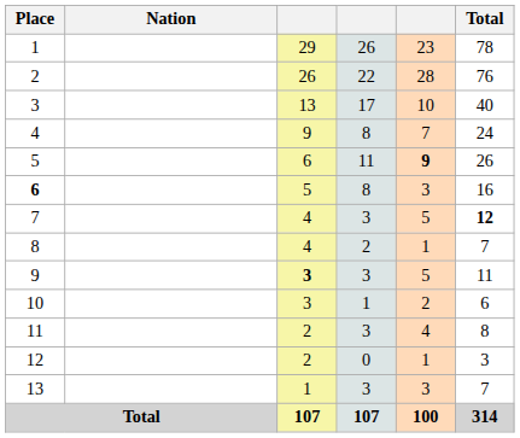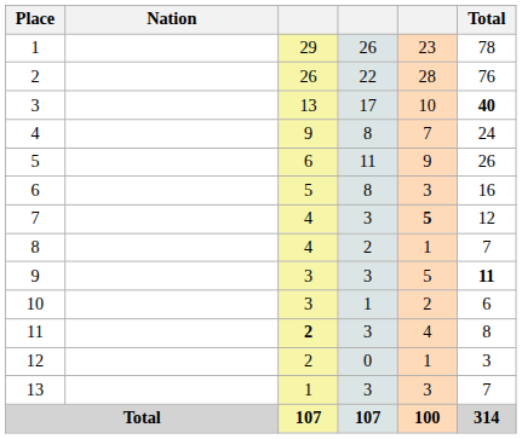 <table class=wikitable style="border:1px solid #AAAAAA;font-size:105%">
 <tr bgcolor="#EFEFEF">
 <th width=50>Place</th>
 <th width=200>Nation</th>
 <th width=50></th>
 <th width=50></th>
 <th width=50></th>
 <th width=50>Total</th>
 </tr>
 <tr align="center" valign="top" bgcolor="#FFFFFF">
 <td>1</td>
 <td align="left"></td>
 <td style="background:#F7F6A8;">29</td>
 <td style="background:#DCE5E5;">26</td>
 <td style="background:#FFDAB9;">23</td>
 <td>78</td>
 </tr>
 <tr align="center" valign="top" bgcolor="#FFFFFF">
 <td>2</td>
 <td align="left"></td>
 <td style="background:#F7F6A8;">26</td>
 <td style="background:#DCE5E5;">22</td>
 <td style="background:#FFDAB9;">28</td>
 <td>76</td>
 </tr>
 <tr align="center" valign="top" bgcolor="#FFFFFF">
 <td>3</td>
 <td align="left"></td>
 <td style="background:#F7F6A8;">13</td>
 <td style="background:#DCE5E5;">17</td>
 <td style="background:#FFDAB9;">10</td>
-<td>40</td>
+<td><strong>40</strong></td>
 </tr>
 <tr align="center" valign="top" bgcolor="#FFFFFF">
 <td>4</td>
 <td align="left"></td>
 <td style="background:#F7F6A8;">9</td>
 <td style="background:#DCE5E5;">8</td>
 <td style="background:#FFDAB9;">7</td>
 <td>24</td>
 </tr>
 <tr align="center" valign="top" bgcolor="#FFFFFF">
 <td>5</td>
 <td align="left"></td>
 <td style="background:#F7F6A8;">6</td>
 <td style="background:#DCE5E5;">11</td>
-<td style="background:#FFDAB9;"><strong>9</strong></td>
+<td style="background:#FFDAB9;">9</td>
 <td>26</td>
 </tr>
 <tr align="center" valign="top" bgcolor="#FFFFFF">
-<td><strong>6</strong></td>
+<td>6</td>
 <td align="left"></td>
 <td style="background:#F7F6A8;">5</td>
 <td style="background:#DCE5E5;">8</td>
 <td style="background:#FFDAB9;">3</td>
 <td>16</td>
 </tr>
 <tr align="center" valign="top" bgcolor="#FFFFFF">
 <td>7</td>
 <td align="left"></td>
 <td style="background:#F7F6A8;">4</td>
 <td style="background:#DCE5E5;">3</td>
-<td style="background:#FFDAB9;">5</td>
-<td><strong>12</strong></td>
+<td style="background:#FFDAB9;"><strong>5</strong></td>
+<td>12</td>
 </tr>
 <tr align="center" valign="top" bgcolor="#FFFFFF">
 <td>8</td>
 <td align="left"></td>
 <td style="background:#F7F6A8;">4</td>
 <td style="background:#DCE5E5;">2</td>
 <td style="background:#FFDAB9;">1</td>
 <td>7</td>
 </tr>
 <tr align="center" valign="top" bgcolor="#FFFFFF">
 <td>9</td>
 <td align="left"></td>
-<td style="background:#F7F6A8;"><strong>3</strong></td>
+<td style="background:#F7F6A8;">3</td>
 <td style="background:#DCE5E5;">3</td>
 <td style="background:#FFDAB9;">5</td>
-<td>11</td>
+<td><strong>11</strong></td>
 </tr>
 <tr align="center" valign="top" bgcolor="#FFFFFF">
 <td>10</td>
 <td align="left"></td>
 <td style="background:#F7F6A8;">3</td>
 <td style="background:#DCE5E5;">1</td>
 <td style="background:#FFDAB9;">2</td>
 <td>6</td>
 </tr>
 <tr align="center" valign="top" bgcolor="#FFFFFF">
 <td>11</td>
 <td align="left"></td>
-<td style="background:#F7F6A8;">2</td>
+<td style="background:#F7F6A8;"><strong>2</strong></td>
 <td style="background:#DCE5E5;">3</td>
 <td style="background:#FFDAB9;">4</td>
 <td>8</td>
 </tr>
 <tr align="center" valign="top" bgcolor="#FFFFFF">
 <td>12</td>
 <td align="left"></td>
 <td style="background:#F7F6A8;">2</td>
 <td style="background:#DCE5E5;">0</td>
 <td style="background:#FFDAB9;">1</td>
 <td>3</td>
 </tr>
 <tr align="center" valign="top" bgcolor="#FFFFFF">
 <td>13</td>
 <td align="left"></td>
 <td style="background:#F7F6A8;">1</td>
 <td style="background:#DCE5E5;">3</td>
 <td style="background:#FFDAB9;">3</td>
 <td>7</td>
 </tr>
 <tr align="center">
 <td colspan="2" bgcolor=D3D3D3><strong>Total</strong></td>
 <td style="background:#F7F6A8;"><strong>107</strong></td>
 <td style="background:#DCE5E5;"><strong>107</strong></td>
 <td style="background:#FFDAB9;"><strong>100</strong></td>
 <td bgcolor=D3D3D3><strong>314</strong></td>
 </tr>
 </table>
